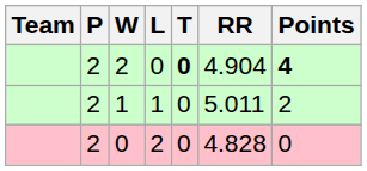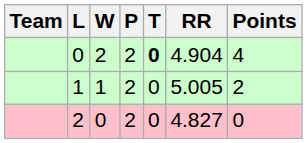 <table class="wikitable">
 <tr>
 <th>Team</th>
+<th>L</th>
+<th>W</th>
 <th>P</th>
-<th>W</th>
-<th>L</th>
 <th>T</th>
 <th>RR</th>
 <th>Points</th>
 </tr>
 <tr bgcolor=ccffcc>
 <td align=left></td>
+<td>0</td>
 <td>2</td>
 <td>2</td>
-<td>0</td>
 <td><strong>0</strong></td>
 <td>4.904</td>
-<td><strong>4</strong></td>
+<td>4</td>
 </tr>
 <tr bgcolor=ccffcc>
 <td align=left></td>
-<td>2</td>
 <td>1</td>
 <td>1</td>
+<td>2</td>
 <td>0</td>
-<td>5.011</td>
+<td>5.005</td>
 <td>2</td>
 </tr>
 <tr bgcolor=pink>
 <td align=left></td>
 <td>2</td>
 <td>0</td>
 <td>2</td>
 <td>0</td>
-<td>4.828</td>
+<td>4.827</td>
 <td>0</td>
 </tr>
 </table>
